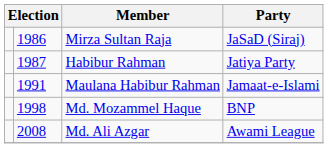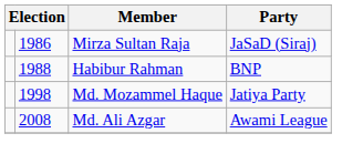 <table class="wikitable">
 <tr>
 <th colspan="2">Election</th>
 <th>Member</th>
 <th>Party</th>
 </tr>
 <tr>
 <td style="background-color:"></td>
 <td><a href='#'>1986</a></td>
 <td><a href='#'>Mirza Sultan Raja</a></td>
 <td><a href='#'>JaSaD (Siraj)</a></td>
 </tr>
 <tr>
 <td style="background-color:"></td>
-<td><a href='#'>1987</a></td>
+<td><a href='#'>1988</a></td>
 <td><a href='#'>Habibur Rahman</a></td>
-<td><a href='#'>Jatiya Party</a></td>
-</tr>
-<tr>
-<td style="background-color:"></td>
-<td><a href='#'>1991</a></td>
-<td><a href='#'>Maulana Habibur Rahman</a></td>
-<td><a href='#'>Jamaat-e-Islami</a></td>
+<td><a href='#'>BNP</a></td>
 </tr>
 <tr>
 <td style="background-color:"></td>
 <td><a href='#'>1998</a></td>
 <td><a href='#'>Md. Mozammel Haque</a></td>
-<td><a href='#'>BNP</a></td>
+<td><a href='#'>Jatiya Party</a></td>
 </tr>
 <tr>
 <td style="background-color:"></td>
 <td><a href='#'>2008</a></td>
 <td><a href='#'>Md. Ali Azgar</a></td>
 <td><a href='#'>Awami League</a></td>
 </tr>
 <tr>
 </tr>
 </table>
